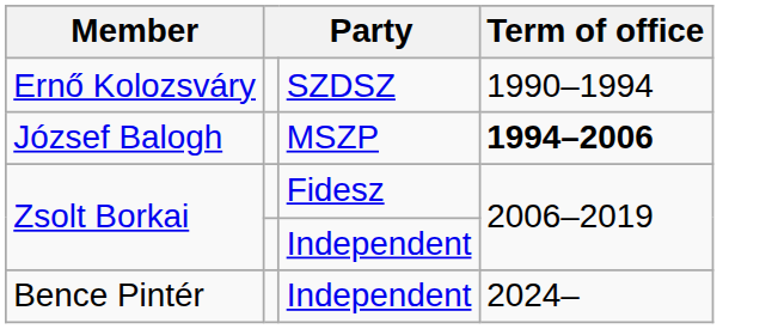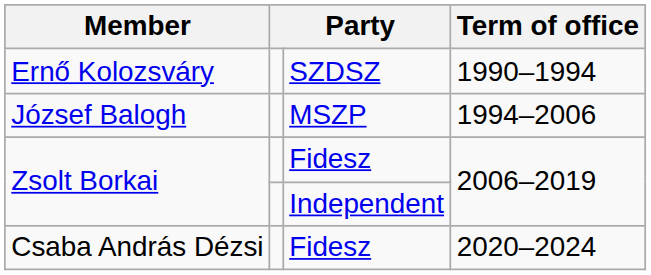 <table class=wikitable>
 <tr>
 <th>Member</th>
 <th colspan=2>Party</th>
 <th>Term of office</th>
 </tr>
 <tr>
 <td><a href='#'>Ernő Kolozsváry</a></td>
 <td style="background-color:"></td>
 <td><a href='#'>SZDSZ</a></td>
 <td>1990–1994</td>
 </tr>
 <tr>
 <td><a href='#'>József Balogh</a></td>
 <td style="background-color:"></td>
 <td><a href='#'>MSZP</a></td>
-<td><strong>1994–2006</strong></td>
+<td>1994–2006</td>
 </tr>
 <tr>
 <td rowspan=2><a href='#'>Zsolt Borkai</a></td>
 <td style="background-color:"></td>
 <td><a href='#'>Fidesz</a></td>
 <td rowspan=2>2006–2019</td>
 </tr>
 <tr>
 <td style="background-color:"></td>
 <td><a href='#'>Independent</a></td>
 </tr>
 <tr>
-<td>Bence Pintér</td>
+<td>Csaba András Dézsi</td>
 <td style="background-color:"></td>
-<td><a href='#'>Independent</a></td>
-<td>2024–</td>
+<td><a href='#'>Fidesz</a></td>
+<td>2020–2024</td>
 </tr>
 </table>
